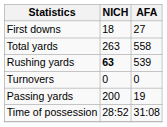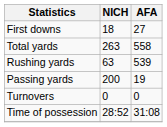 <table class="wikitable">
 <tr>
 <th>Statistics</th>
 <th>NICH</th>
 <th>AFA</th>
 </tr>
 <tr>
 <td>First downs</td>
 <td>18</td>
 <td>27</td>
 </tr>
 <tr>
 <td>Total yards</td>
 <td>263</td>
 <td>558</td>
 </tr>
 <tr>
 <td>Rushing yards</td>
-<td><strong>63</strong></td>
+<td>63</td>
 <td>539</td>
+</tr>
+<tr>
+<td>Passing yards</td>
+<td>200</td>
+<td>19</td>
 </tr>
 <tr>
 <td>Turnovers</td>
 <td>0</td>
 <td>0</td>
-</tr>
-<tr>
-<td>Passing yards</td>
-<td>200</td>
-<td>19</td>
 </tr>
 <tr>
 <td>Time of possession</td>
 <td>28:52</td>
 <td>31:08</td>
 </tr>
 <tr>
 </tr>
 </table>
